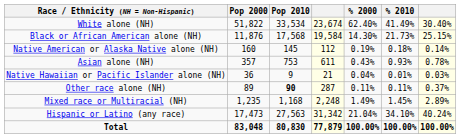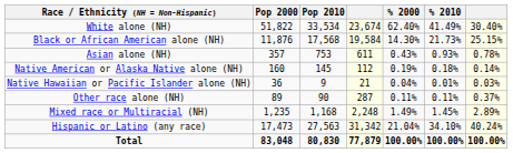 <table class="wikitable" style="text-align:center;">
 <tr>
 <th>Race / Ethnicity <small>(<em>NH = Non-Hispanic</em>)</small></th>
 <th>Pop 2000</th>
 <th>Pop 2010</th>
 <th></th>
 <th>% 2000</th>
 <th>% 2010</th>
 <th></th>
 </tr>
 <tr>
 <td><a href='#'>White</a> alone (NH)</td>
 <td>51,822</td>
 <td>33,534</td>
 <td style='background: #ffffe6;'>23,674</td>
 <td>62.40%</td>
 <td>41.49%</td>
 <td style='background: #ffffe6;'>30.40%</td>
 </tr>
 <tr>
 <td><a href='#'>Black or African American</a> alone (NH)</td>
 <td>11,876</td>
 <td>17,568</td>
 <td style='background: #ffffe6;'>19,584</td>
 <td>14.30%</td>
 <td>21.73%</td>
 <td style='background: #ffffe6;'>25.15%</td>
 </tr>
 <tr>
+<td><a href='#'>Asian</a> alone (NH)</td>
+<td>357</td>
+<td>753</td>
+<td style='background: #ffffe6;'>611</td>
+<td>0.43%</td>
+<td>0.93%</td>
+<td style='background: #ffffe6;'>0.78%</td>
+</tr>
+<tr>
 <td><a href='#'>Native American</a> or <a href='#'>Alaska Native</a> alone (NH)</td>
 <td>160</td>
 <td>145</td>
 <td style='background: #ffffe6;'>112</td>
 <td>0.19%</td>
 <td>0.18%</td>
 <td style='background: #ffffe6;'>0.14%</td>
-</tr>
-<tr>
-<td><a href='#'>Asian</a> alone (NH)</td>
-<td>357</td>
-<td>753</td>
-<td style='background: #ffffe6;'>611</td>
-<td>0.43%</td>
-<td>0.93%</td>
-<td style='background: #ffffe6;'>0.78%</td>
 </tr>
 <tr>
 <td><a href='#'>Native Hawaiian</a> or <a href='#'>Pacific Islander</a> alone (NH)</td>
 <td>36</td>
 <td>9</td>
 <td style='background: #ffffe6;'>21</td>
 <td>0.04%</td>
 <td>0.01%</td>
 <td style='background: #ffffe6;'>0.03%</td>
 </tr>
 <tr>
 <td><a href='#'>Other race</a> alone (NH)</td>
 <td>89</td>
-<td><strong>90</strong></td>
+<td>90</td>
 <td style='background: #ffffe6;'>287</td>
 <td>0.11%</td>
 <td>0.11%</td>
 <td style='background: #ffffe6;'>0.37%</td>
 </tr>
 <tr>
 <td><a href='#'>Mixed race or Multiracial</a> (NH)</td>
 <td>1,235</td>
 <td>1,168</td>
 <td style='background: #ffffe6;'>2,248</td>
 <td>1.49%</td>
 <td>1.45%</td>
 <td style='background: #ffffe6;'>2.89%</td>
 </tr>
 <tr>
 <td><a href='#'>Hispanic or Latino</a> (any race)</td>
 <td>17,473</td>
 <td>27,563</td>
 <td style='background: #ffffe6;'>31,342</td>
 <td>21.04%</td>
 <td>34.10%</td>
 <td style='background: #ffffe6;'>40.24%</td>
 </tr>
 <tr>
 <td><strong>Total</strong></td>
 <td><strong>83,048</strong></td>
 <td><strong>80,830</strong></td>
 <td style='background: #ffffe6;'><strong>77,879</strong></td>
 <td><strong>100.00%</strong></td>
 <td><strong>100.00%</strong></td>
 <td style='background: #ffffe6;'><strong>100.00%</strong></td>
 </tr>
 </table>
